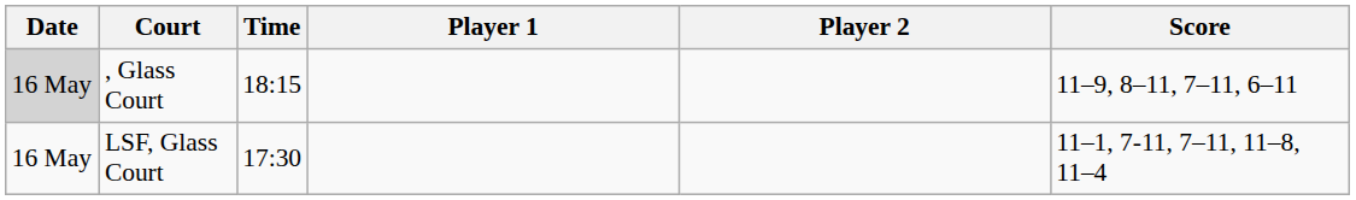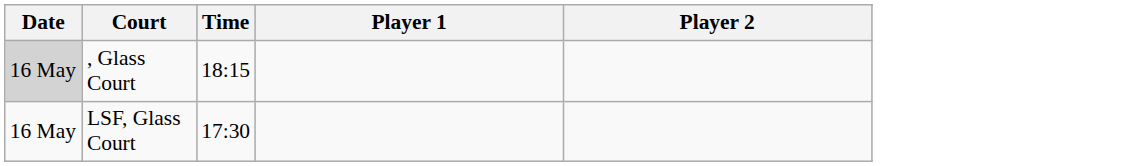 <table class="sortable wikitable" style="font-size:90%">
 <tr>
 <th width="45" class="unsortable">Date</th>
 <th width="70">Court</th>
 <th width="30">Time</th>
 <th width="200">Player 1</th>
 <th width="200">Player 2</th>
-<th width="160" class="unsortable">Score</th>
 </tr>
 <tr>
 <td style="background: lightgrey;">16 May</td>
 <td>, Glass Court</td>
 <td>18:15</td>
 <td></td>
 <td><strong></strong></td>
-<td>11–9, 8–11, 7–11, 6–11</td>
 </tr>
 <tr>
 <td>16 May</td>
 <td>LSF, Glass Court</td>
 <td>17:30</td>
 <td><strong></strong></td>
 <td></td>
-<td>11–1, 7-11, 7–11, 11–8, 11–4</td>
 </tr>
 </table>
